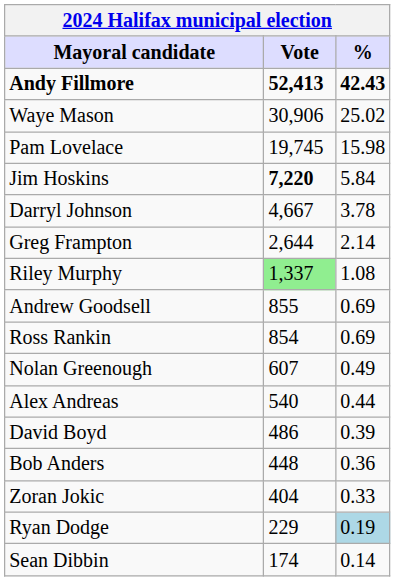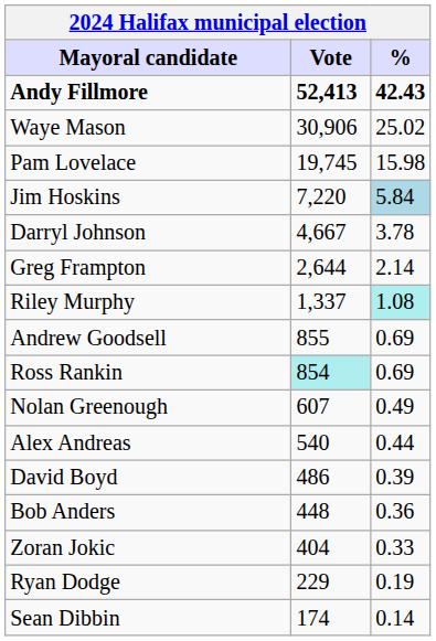 <table class="wikitable">
 <tr>
 <th colspan="6"><a href='#'>2024 Halifax municipal election</a></th>
 </tr>
 <tr>
 <th style="background:#ddf; width:200px;">Mayoral candidate</th>
 <th style="background:#ddf; width:50px;">Vote</th>
 <th style="background:#ddf; width:30px;">%</th>
 </tr>
 <tr>
 <td><strong>Andy Fillmore</strong></td>
 <td><strong>52,413</strong></td>
 <td><strong>42.43</strong></td>
 </tr>
 <tr>
 <td>Waye Mason</td>
 <td>30,906</td>
 <td>25.02</td>
 </tr>
 <tr>
 <td>Pam Lovelace</td>
 <td>19,745</td>
 <td>15.98</td>
 </tr>
 <tr>
 <td>Jim Hoskins</td>
-<td><strong>7,220</strong></td>
-<td>5.84</td>
+<td>7,220</td>
+<td style="background: lightblue;">5.84</td>
 </tr>
 <tr>
 <td>Darryl Johnson</td>
 <td>4,667</td>
 <td>3.78</td>
 </tr>
 <tr>
 <td>Greg Frampton</td>
 <td>2,644</td>
 <td>2.14</td>
 </tr>
 <tr>
 <td>Riley Murphy</td>
-<td style="background: lightgreen;">1,337</td>
-<td>1.08</td>
+<td>1,337</td>
+<td style="background: paleturquoise;">1.08</td>
 </tr>
 <tr>
 <td>Andrew Goodsell</td>
 <td>855</td>
 <td>0.69</td>
 </tr>
 <tr>
 <td>Ross Rankin</td>
-<td>854</td>
+<td style="background: paleturquoise;">854</td>
 <td>0.69</td>
 </tr>
 <tr>
 <td>Nolan Greenough</td>
 <td>607</td>
 <td>0.49</td>
 </tr>
 <tr>
 <td>Alex Andreas</td>
 <td>540</td>
 <td>0.44</td>
 </tr>
 <tr>
 <td>David Boyd</td>
 <td>486</td>
 <td>0.39</td>
 </tr>
 <tr>
 <td>Bob Anders</td>
 <td>448</td>
 <td>0.36</td>
 </tr>
 <tr>
 <td>Zoran Jokic</td>
 <td>404</td>
 <td>0.33</td>
 </tr>
 <tr>
 <td>Ryan Dodge</td>
 <td>229</td>
-<td style="background: lightblue;">0.19</td>
+<td>0.19</td>
 </tr>
 <tr>
 <td>Sean Dibbin</td>
 <td>174</td>
 <td>0.14</td>
 </tr>
 </table>
